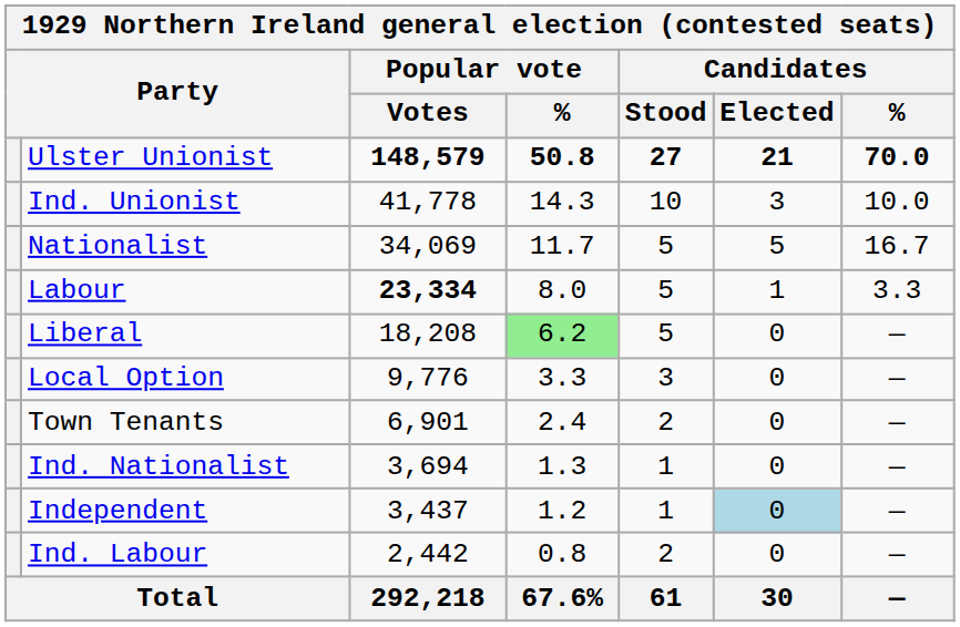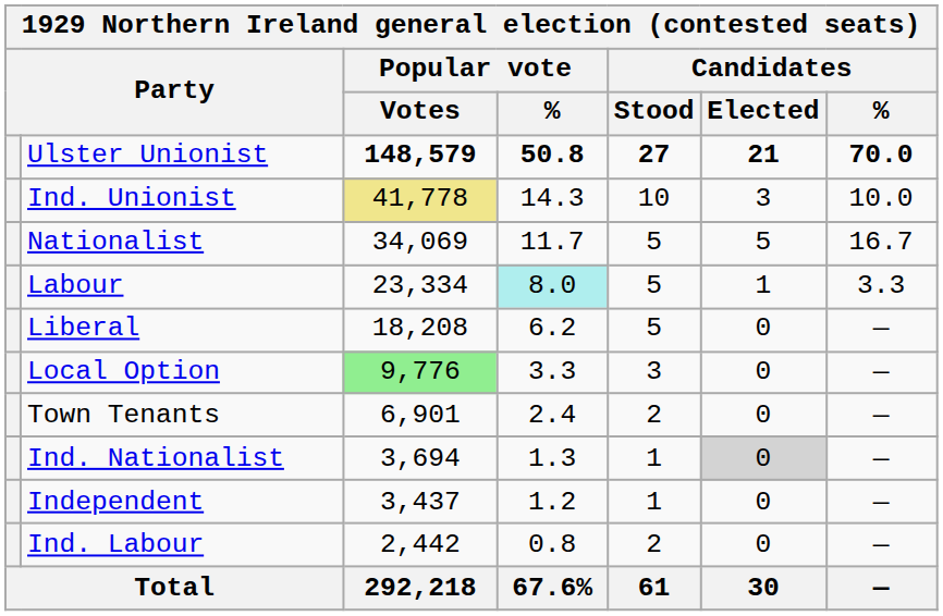 <table class="wikitable" style="font-size:95%">
 <tr>
 <th colspan="16" style="background-color:#f2f2f2">1929 Northern Ireland general election (contested seats)</th>
 </tr>
 <tr style="vertical-align:center;">
 <th style="width:150px;" "vertical-align:center;" rowspan="2" colspan="2">Party</th>
 <th colspan="2" style="width: 30px">Popular vote</th>
 <th colspan="3" style="width: 30px">Candidates</th>
 </tr>
 <tr>
 <th style="width:65px;">Votes</th>
 <th style="width:45px;">%</th>
 <th>Stood</th>
 <th>Elected</th>
 <th style="width:45px;">%</th>
 </tr>
 <tr>
 <th></th>
 <td><a href='#'>Ulster Unionist</a></td>
 <td align="center"><strong>148,579</strong></td>
 <td align="center"><strong>50.8</strong></td>
 <td align="center"><strong>27</strong></td>
 <td align="center"><strong>21</strong></td>
 <td align="center"><strong>70.0</strong></td>
 </tr>
 <tr>
 <th></th>
 <td><a href='#'>Ind. Unionist</a></td>
-<td align="center">41,778</td>
+<td align="center" style="background: khaki;">41,778</td>
 <td align="center">14.3</td>
 <td align="center">10</td>
 <td align="center">3</td>
 <td align="center">10.0</td>
 </tr>
 <tr>
 <th></th>
 <td><a href='#'>Nationalist</a></td>
 <td align="center">34,069</td>
 <td align="center">11.7</td>
 <td align="center">5</td>
 <td align="center">5</td>
 <td align="center">16.7</td>
 </tr>
 <tr>
 <th></th>
 <td><a href='#'>Labour</a></td>
-<td align="center"><strong>23,334</strong></td>
-<td align="center">8.0</td>
+<td align="center">23,334</td>
+<td align="center" style="background: paleturquoise;">8.0</td>
 <td align="center">5</td>
 <td align="center">1</td>
 <td align="center">3.3</td>
 </tr>
 <tr>
 <th></th>
 <td><a href='#'>Liberal</a></td>
 <td align="center">18,208</td>
-<td align="center" style="background: lightgreen;">6.2</td>
+<td align="center">6.2</td>
 <td align="center">5</td>
 <td align="center">0</td>
 <td align="center">—</td>
 </tr>
 <tr>
 <th></th>
 <td><a href='#'>Local Option</a></td>
-<td align="center">9,776</td>
+<td align="center" style="background: lightgreen;">9,776</td>
 <td align="center">3.3</td>
 <td align="center">3</td>
 <td align="center">0</td>
 <td align="center">—</td>
 </tr>
 <tr>
 <th></th>
 <td>Town Tenants</td>
 <td align="center">6,901</td>
 <td align="center">2.4</td>
 <td align="center">2</td>
 <td align="center">0</td>
 <td align="center">—</td>
 </tr>
 <tr>
 <th></th>
 <td><a href='#'>Ind. Nationalist</a></td>
 <td align="center">3,694</td>
 <td align="center">1.3</td>
 <td align="center">1</td>
-<td align="center">0</td>
+<td align="center" style="background: lightgrey;">0</td>
 <td align="center">—</td>
 </tr>
 <tr>
 <th></th>
 <td><a href='#'>Independent</a></td>
 <td align="center">3,437</td>
 <td align="center">1.2</td>
 <td align="center">1</td>
-<td align="center" style="background: lightblue;">0</td>
+<td align="center">0</td>
 <td align="center">—</td>
 </tr>
 <tr>
 <th></th>
 <td><a href='#'>Ind. Labour</a></td>
 <td align="center">2,442</td>
 <td align="center">0.8</td>
 <td align="center">2</td>
 <td align="center">0</td>
 <td align="center">—</td>
 </tr>
 <tr>
 <th style="width:150px;" "vertical-align:center;" colspan="2">Total</th>
 <th align="center">292,218</th>
 <th align="center">67.6%</th>
 <th align="center">61</th>
 <th align="center">30</th>
 <th align="center">—</th>
 </tr>
 </table>
